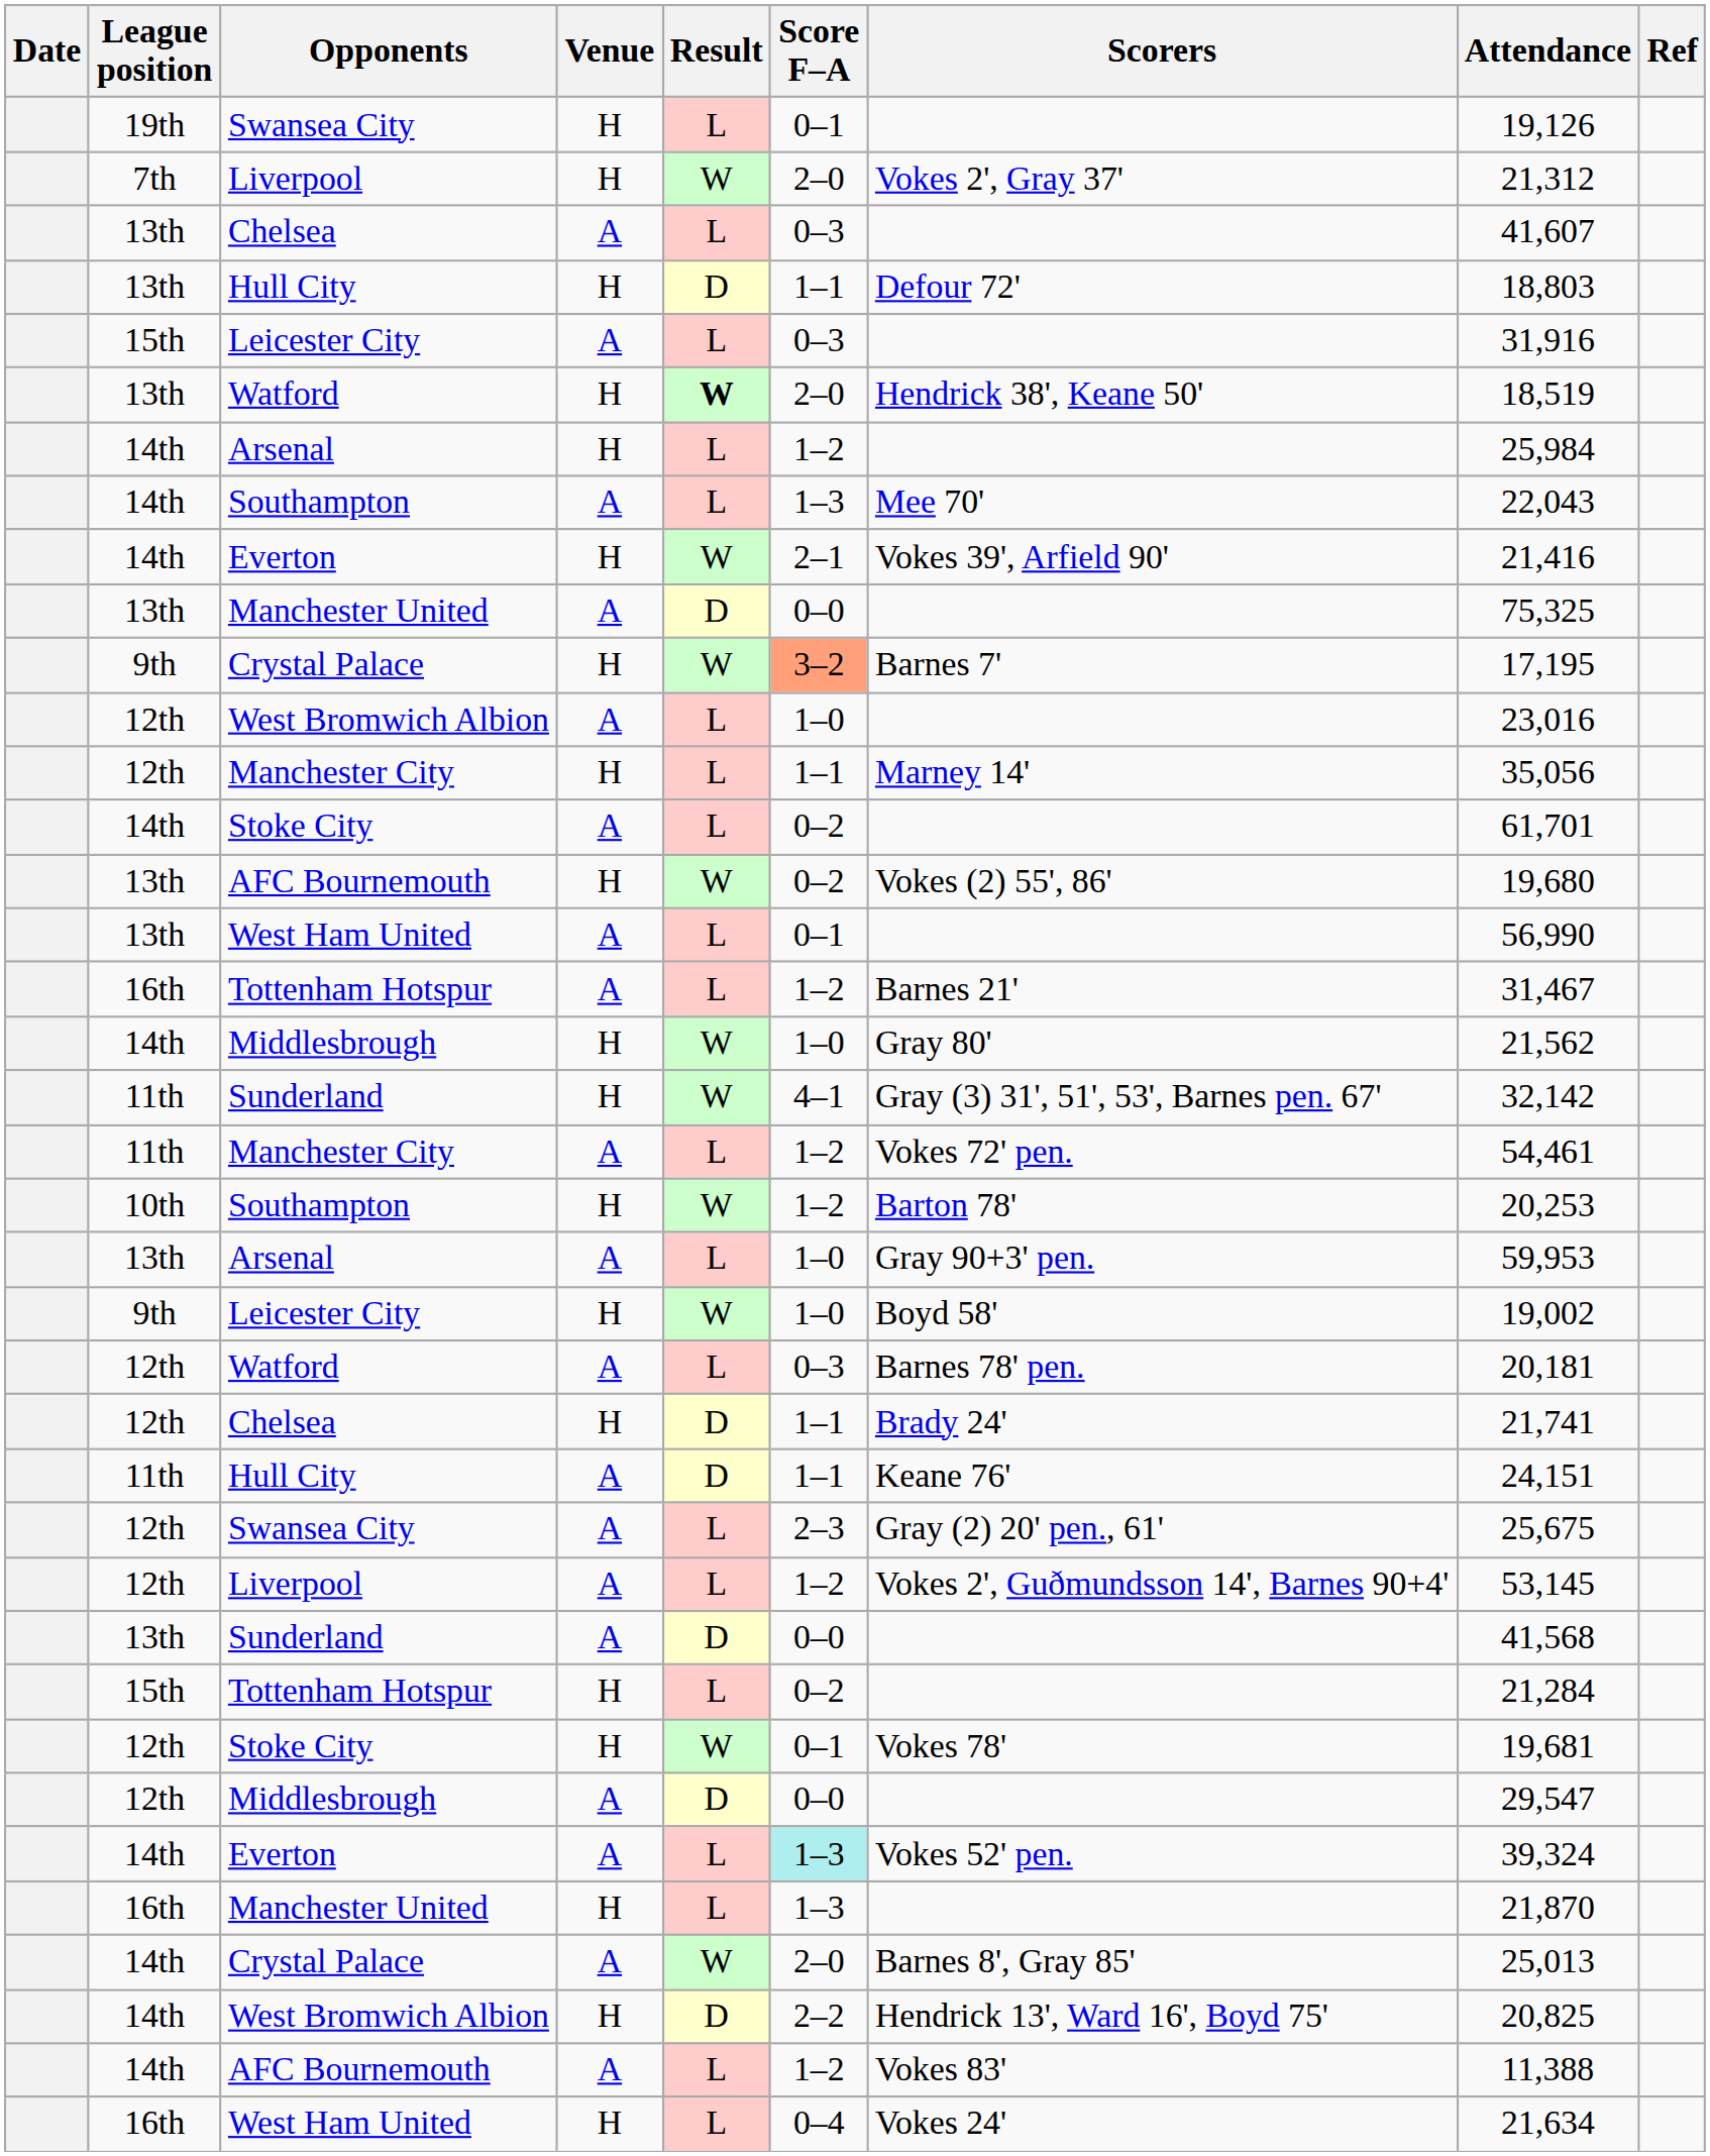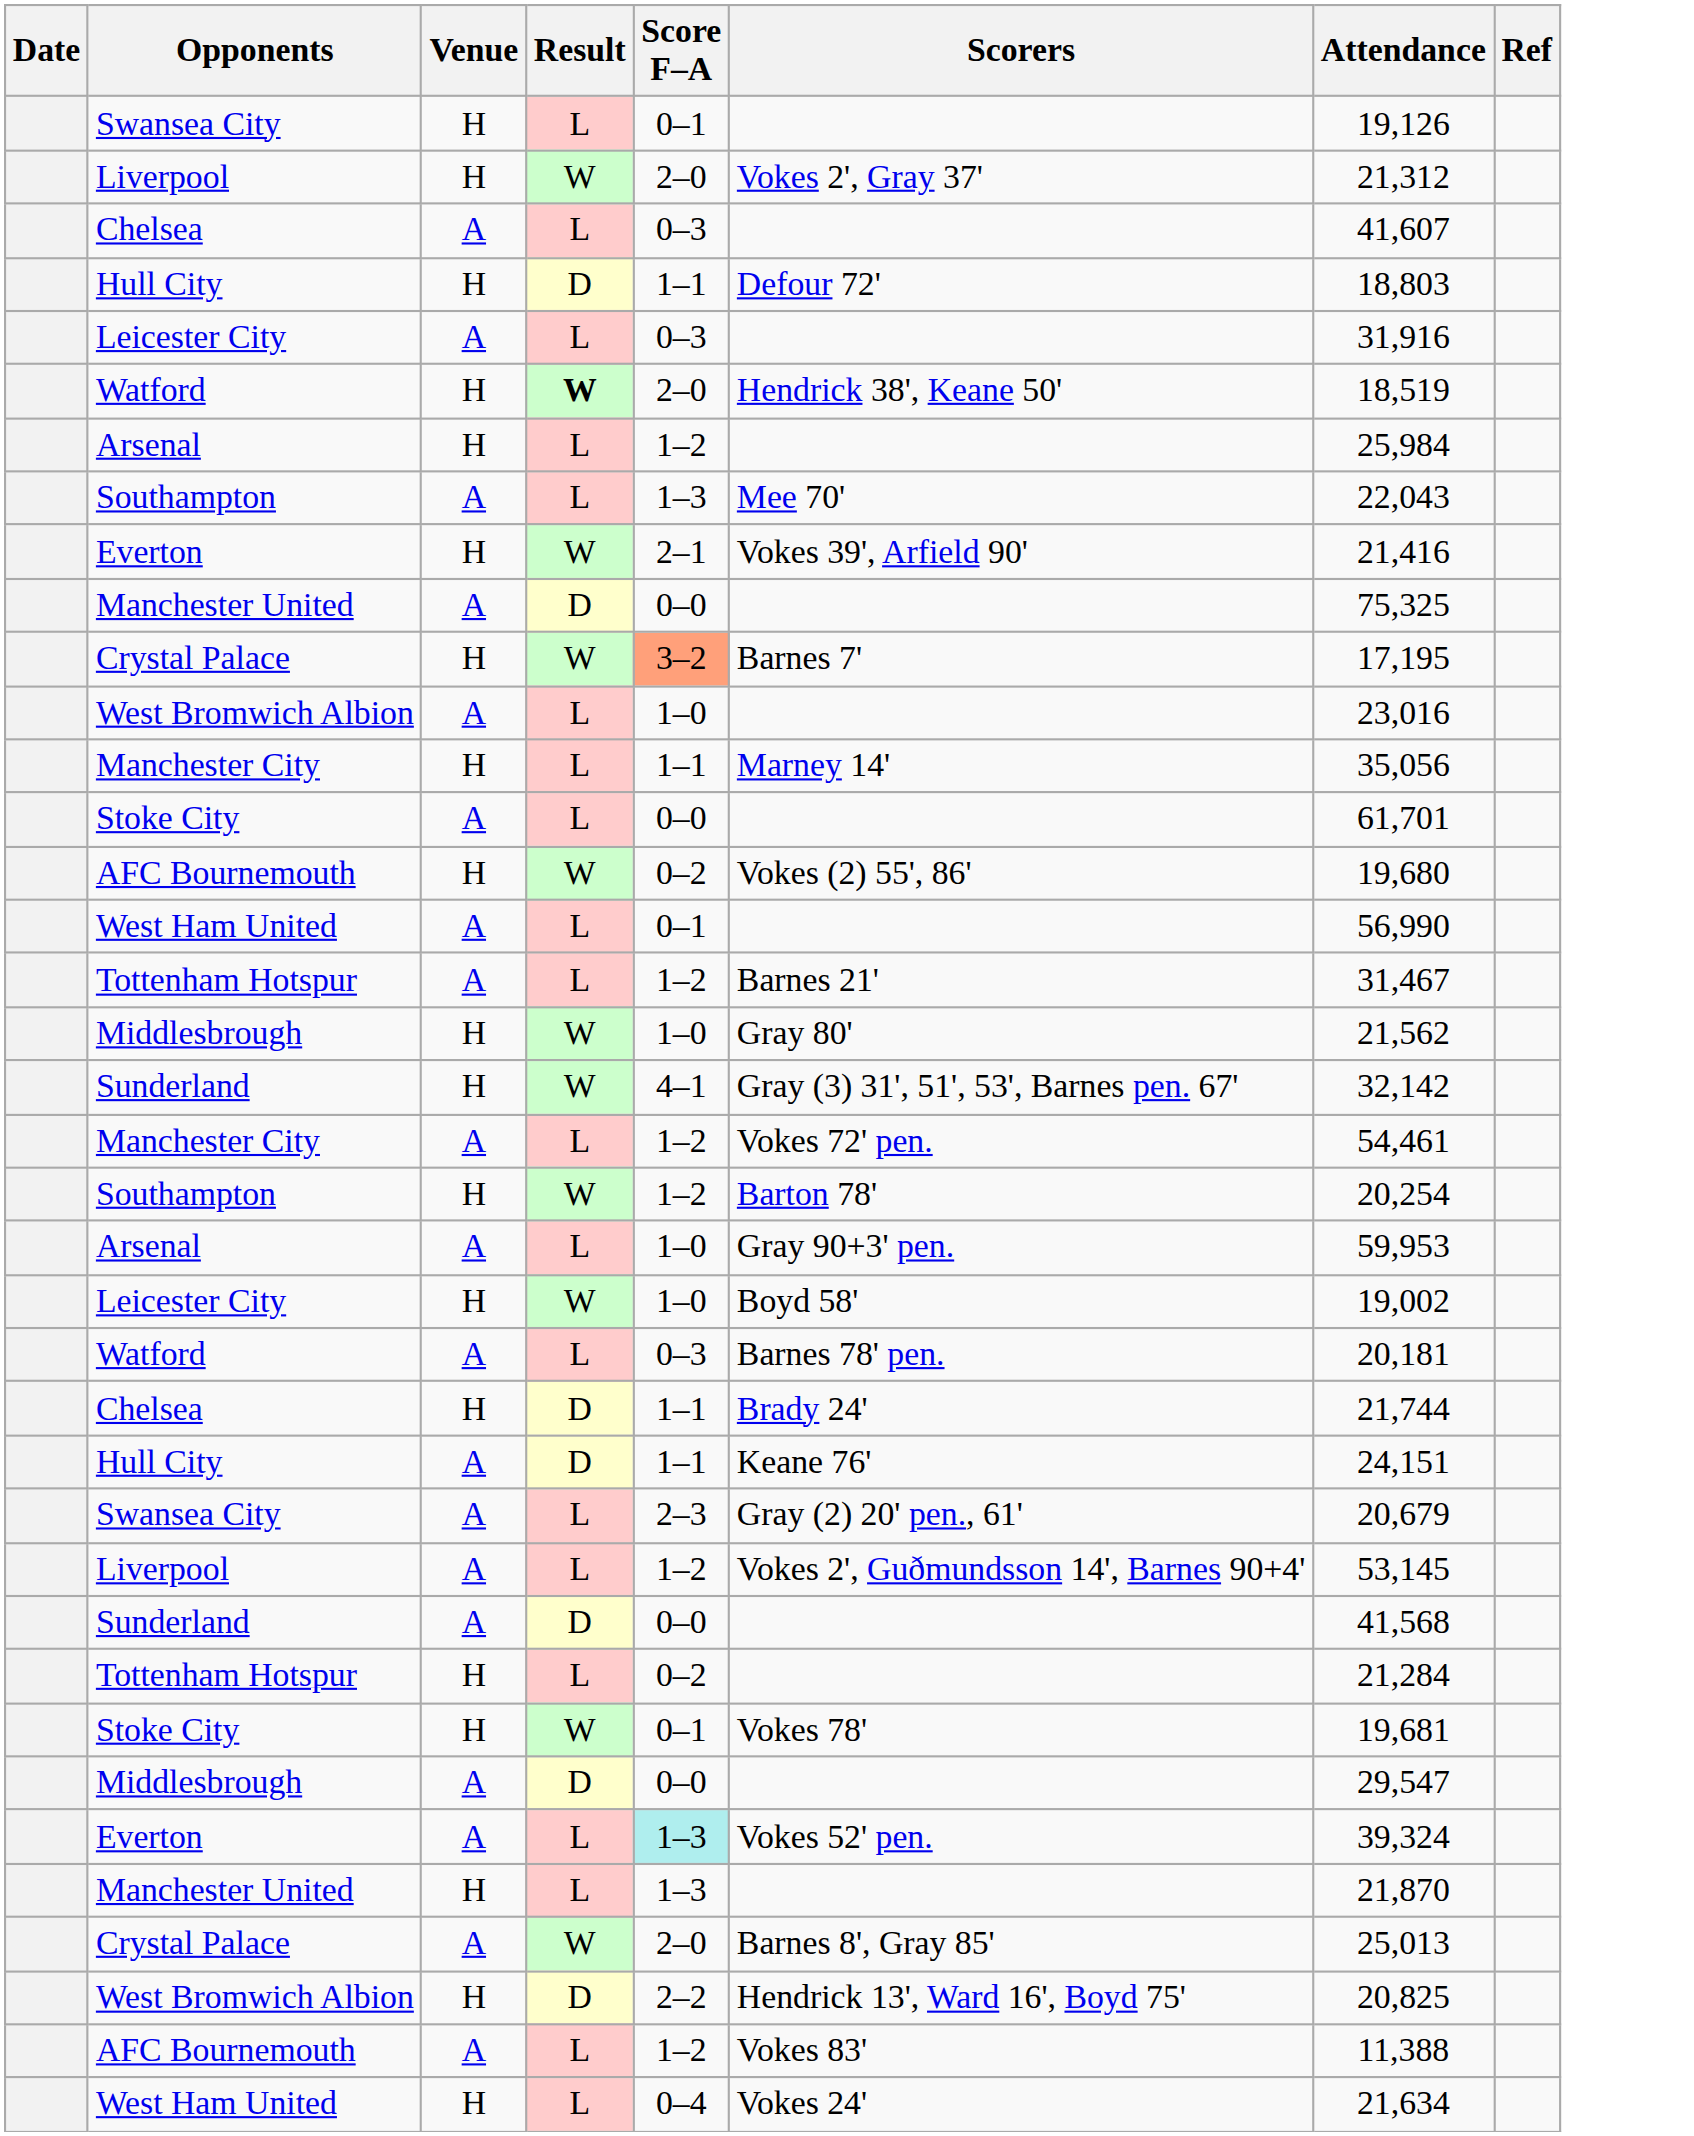 <table class="wikitable plainrowheaders sortable" style="text-align:center">
 <tr>
 <th scope="col">Date</th>
-<th scope="col">League<br>position</th>
 <th scope="col">Opponents</th>
 <th scope="col">Venue</th>
 <th scope="col">Result</th>
 <th scope="col">Score<br>F–A</th>
 <th scope="col" class="unsortable">Scorers</th>
 <th scope="col">Attendance</th>
 <th scope="col" class="unsortable">Ref</th>
 </tr>
 <tr>
 <th scope="row"></th>
-<td>19th</td>
 <td align="left"><a href='#'>Swansea City</a></td>
 <td>H</td>
 <td bgcolor="ffcccc">L</td>
 <td>0–1</td>
 <td align="left"></td>
 <td>19,126</td>
 <td></td>
 </tr>
 <tr>
 <th scope="row"></th>
-<td>7th</td>
 <td align="left"><a href='#'>Liverpool</a></td>
 <td>H</td>
 <td bgcolor="ccffcc">W</td>
 <td>2–0</td>
 <td align="left"><a href='#'>Vokes</a> 2', <a href='#'>Gray</a> 37'</td>
 <td>21,312</td>
 <td></td>
 </tr>
 <tr>
 <th scope="row"></th>
-<td>13th</td>
 <td align="left"><a href='#'>Chelsea</a></td>
 <td><a href='#'>A</a></td>
 <td bgcolor="#ffcccc">L</td>
 <td>0–3</td>
 <td align="left"></td>
 <td>41,607</td>
 <td></td>
 </tr>
 <tr>
 <th scope="row"></th>
-<td>13th</td>
 <td align="left"><a href='#'>Hull City</a></td>
 <td>H</td>
 <td bgcolor="#ffffcc">D</td>
 <td>1–1</td>
 <td align="left"><a href='#'>Defour</a> 72'</td>
 <td>18,803</td>
 <td></td>
 </tr>
 <tr>
 <th scope="row"></th>
-<td>15th</td>
 <td align="left"><a href='#'>Leicester City</a></td>
 <td><a href='#'>A</a></td>
 <td bgcolor="#ffcccc">L</td>
 <td>0–3</td>
 <td></td>
 <td>31,916</td>
 <td></td>
 </tr>
 <tr>
 <th scope="row"></th>
-<td>13th</td>
 <td align="left"><a href='#'>Watford</a></td>
 <td>H</td>
 <td bgcolor="#ccffcc"><strong>W</strong></td>
 <td>2–0</td>
 <td align="left"><a href='#'>Hendrick</a> 38', <a href='#'>Keane</a> 50'</td>
 <td>18,519</td>
 <td></td>
 </tr>
 <tr>
 <th scope="row"></th>
-<td>14th</td>
 <td align="left"><a href='#'>Arsenal</a></td>
 <td>H</td>
 <td bgcolor="#ffcccc">L</td>
 <td>1–2</td>
 <td align="left"></td>
 <td>25,984</td>
 <td></td>
 </tr>
 <tr>
 <th scope="row"></th>
-<td>14th</td>
 <td align="left"><a href='#'>Southampton</a></td>
 <td><a href='#'>A</a></td>
 <td bgcolor="#ffcccc">L</td>
 <td>1–3</td>
 <td align="left"><a href='#'>Mee</a> 70'</td>
 <td>22,043</td>
 <td></td>
 </tr>
 <tr>
 <th scope="row"></th>
-<td>14th</td>
 <td align="left"><a href='#'>Everton</a></td>
 <td>H</td>
 <td bgcolor="#ccffcc">W</td>
 <td>2–1</td>
 <td align="left">Vokes 39', <a href='#'>Arfield</a> 90'</td>
 <td>21,416</td>
 <td></td>
 </tr>
 <tr>
 <th scope="row"></th>
-<td>13th</td>
 <td align="left"><a href='#'>Manchester United</a></td>
 <td><a href='#'>A</a></td>
 <td bgcolor="#ffffcc">D</td>
 <td>0–0</td>
 <td align="left"></td>
 <td>75,325</td>
 <td></td>
 </tr>
 <tr>
 <th scope="row"></th>
-<td>9th</td>
 <td align="left"><a href='#'>Crystal Palace</a></td>
 <td>H</td>
 <td bgcolor="#ccffcc">W</td>
 <td style="background: lightsalmon;">3–2</td>
 <td align="left">Barnes 7'</td>
 <td>17,195</td>
 <td></td>
 </tr>
 <tr>
 <th scope="row"></th>
-<td>12th</td>
 <td align="left"><a href='#'>West Bromwich Albion</a></td>
 <td><a href='#'>A</a></td>
 <td bgcolor="#ffcccc">L</td>
 <td>1–0</td>
 <td align="left"></td>
 <td>23,016</td>
 <td></td>
 </tr>
 <tr>
 <th scope="row"></th>
-<td>12th</td>
 <td align="left"><a href='#'>Manchester City</a></td>
 <td>H</td>
 <td bgcolor="#ffcccc">L</td>
 <td>1–1</td>
 <td align="left"><a href='#'>Marney</a> 14'</td>
 <td>35,056</td>
 <td></td>
 </tr>
 <tr>
 <th scope="row"></th>
-<td>14th</td>
 <td align="left"><a href='#'>Stoke City</a></td>
 <td><a href='#'>A</a></td>
 <td bgcolor="#ffcccc">L</td>
-<td>0–2</td>
+<td>0–0</td>
 <td></td>
 <td>61,701</td>
 <td></td>
 </tr>
 <tr>
 <th scope="row"></th>
-<td>13th</td>
 <td align="left"><a href='#'>AFC Bournemouth</a></td>
 <td>H</td>
 <td bgcolor="#ccffcc">W</td>
 <td>0–2</td>
 <td align="left">Vokes (2) 55', 86'</td>
 <td>19,680</td>
 <td></td>
 </tr>
 <tr>
 <th scope="row"></th>
-<td>13th</td>
 <td align="left"><a href='#'>West Ham United</a></td>
 <td><a href='#'>A</a></td>
 <td bgcolor="#ffcccc">L</td>
 <td>0–1</td>
 <td></td>
 <td>56,990</td>
 <td></td>
 </tr>
 <tr>
 <th scope="row"></th>
-<td>16th</td>
 <td align="left"><a href='#'>Tottenham Hotspur</a></td>
 <td><a href='#'>A</a></td>
 <td bgcolor="#ffcccc">L</td>
 <td>1–2</td>
 <td align="left">Barnes 21'</td>
 <td>31,467</td>
 <td></td>
 </tr>
 <tr>
 <th scope="row"></th>
-<td>14th</td>
 <td align="left"><a href='#'>Middlesbrough</a></td>
 <td>H</td>
 <td bgcolor="#ccffcc">W</td>
 <td>1–0</td>
 <td align="left">Gray 80'</td>
 <td>21,562</td>
 <td></td>
 </tr>
 <tr>
 <th scope="row"></th>
-<td>11th</td>
 <td align="left"><a href='#'>Sunderland</a></td>
 <td>H</td>
 <td bgcolor="#ccffcc">W</td>
 <td>4–1</td>
 <td align="left">Gray (3) 31', 51', 53', Barnes <a href='#'>pen.</a> 67'</td>
 <td>32,142</td>
 <td></td>
 </tr>
 <tr>
 <th scope="row"></th>
-<td>11th</td>
 <td align="left"><a href='#'>Manchester City</a></td>
 <td><a href='#'>A</a></td>
 <td bgcolor="#ffcccc">L</td>
 <td>1–2</td>
 <td align="left">Vokes 72' <a href='#'>pen.</a></td>
 <td>54,461</td>
 <td></td>
 </tr>
 <tr>
 <th scope="row"></th>
-<td>10th</td>
 <td align="left"><a href='#'>Southampton</a></td>
 <td>H</td>
 <td bgcolor="#ccffcc">W</td>
 <td>1–2</td>
 <td align="left"><a href='#'>Barton</a> 78'</td>
-<td>20,253</td>
+<td>20,254</td>
 <td></td>
 </tr>
 <tr>
 <th scope="row"></th>
-<td>13th</td>
 <td align="left"><a href='#'>Arsenal</a></td>
 <td><a href='#'>A</a></td>
 <td bgcolor="#ffcccc">L</td>
 <td>1–0</td>
 <td align="left">Gray 90+3' <a href='#'>pen.</a></td>
 <td>59,953</td>
 <td></td>
 </tr>
 <tr>
 <th scope="row"></th>
-<td>9th</td>
 <td align="left"><a href='#'>Leicester City</a></td>
 <td>H</td>
 <td bgcolor="#ccffcc">W</td>
 <td>1–0</td>
 <td align="left">Boyd 58'</td>
 <td>19,002</td>
 <td></td>
 </tr>
 <tr>
 <th scope="row"></th>
-<td>12th</td>
 <td align="left"><a href='#'>Watford</a></td>
 <td><a href='#'>A</a></td>
 <td bgcolor="#ffcccc">L</td>
 <td>0–3</td>
 <td align="left">Barnes 78' <a href='#'>pen.</a></td>
 <td>20,181</td>
 <td></td>
 </tr>
 <tr>
 <th scope="row"></th>
-<td>12th</td>
 <td align="left"><a href='#'>Chelsea</a></td>
 <td>H</td>
 <td bgcolor="#ffffcc">D</td>
 <td>1–1</td>
 <td align="left"><a href='#'>Brady</a> 24'</td>
-<td>21,741</td>
+<td>21,744</td>
 <td></td>
 </tr>
 <tr>
 <th scope="row"></th>
-<td>11th</td>
 <td align="left"><a href='#'>Hull City</a></td>
 <td><a href='#'>A</a></td>
 <td bgcolor="#ffffcc">D</td>
 <td>1–1</td>
 <td align="left">Keane 76'</td>
 <td>24,151</td>
 <td></td>
 </tr>
 <tr>
 <th scope="row"></th>
-<td>12th</td>
 <td align="left"><a href='#'>Swansea City</a></td>
 <td><a href='#'>A</a></td>
 <td bgcolor="#ffcccc">L</td>
 <td>2–3</td>
 <td align="left">Gray (2) 20' <a href='#'>pen.</a>, 61'</td>
-<td>25,675</td>
+<td>20,679</td>
 <td></td>
 </tr>
 <tr>
 <th scope="row"></th>
-<td>12th</td>
 <td align="left"><a href='#'>Liverpool</a></td>
 <td><a href='#'>A</a></td>
 <td bgcolor="#ffcccc">L</td>
 <td>1–2</td>
 <td align="left">Vokes 2', <a href='#'>Guðmundsson</a> 14', <a href='#'>Barnes</a> 90+4'</td>
 <td>53,145</td>
 <td></td>
 </tr>
 <tr>
 <th scope="row"></th>
-<td>13th</td>
 <td align="left"><a href='#'>Sunderland</a></td>
 <td><a href='#'>A</a></td>
 <td bgcolor="#ffffcc">D</td>
 <td>0–0</td>
 <td align="left"></td>
 <td>41,568</td>
 <td></td>
 </tr>
 <tr>
 <th scope="row"></th>
-<td>15th</td>
 <td align="left"><a href='#'>Tottenham Hotspur</a></td>
 <td>H</td>
 <td bgcolor="#ffcccc">L</td>
 <td>0–2</td>
 <td align="left"></td>
 <td>21,284</td>
 <td></td>
 </tr>
 <tr>
 <th scope="row"></th>
-<td>12th</td>
 <td align="left"><a href='#'>Stoke City</a></td>
 <td>H</td>
 <td bgcolor="#ccffcc">W</td>
 <td>0–1</td>
 <td align="left">Vokes 78'</td>
 <td>19,681</td>
 <td></td>
 </tr>
 <tr>
 <th scope="row"></th>
-<td>12th</td>
 <td align="left"><a href='#'>Middlesbrough</a></td>
 <td><a href='#'>A</a></td>
 <td bgcolor="#ffffcc">D</td>
 <td>0–0</td>
 <td></td>
 <td>29,547</td>
 <td></td>
 </tr>
 <tr>
 <th scope="row"></th>
-<td>14th</td>
 <td align="left"><a href='#'>Everton</a></td>
 <td><a href='#'>A</a></td>
 <td bgcolor="#ffcccc">L</td>
 <td style="background: paleturquoise;">1–3</td>
 <td align="left">Vokes 52' <a href='#'>pen.</a></td>
 <td>39,324</td>
 <td></td>
 </tr>
 <tr>
 <th scope="row"></th>
-<td>16th</td>
 <td align="left"><a href='#'>Manchester United</a></td>
 <td>H</td>
 <td bgcolor="#ffcccc">L</td>
 <td>1–3</td>
 <td></td>
 <td>21,870</td>
 <td></td>
 </tr>
 <tr>
 <th scope="row"></th>
-<td>14th</td>
 <td align="left"><a href='#'>Crystal Palace</a></td>
 <td><a href='#'>A</a></td>
 <td bgcolor="#ccffcc">W</td>
 <td>2–0</td>
 <td align="left">Barnes 8', Gray 85'</td>
 <td>25,013</td>
 <td></td>
 </tr>
 <tr>
 <th scope="row"></th>
-<td>14th</td>
 <td align="left"><a href='#'>West Bromwich Albion</a></td>
 <td>H</td>
 <td bgcolor="#ffffcc">D</td>
 <td>2–2</td>
 <td align="left">Hendrick 13', <a href='#'>Ward</a> 16', <a href='#'>Boyd</a> 75'</td>
 <td>20,825</td>
 <td></td>
 </tr>
 <tr>
 <th scope="row"></th>
-<td>14th</td>
 <td align="left"><a href='#'>AFC Bournemouth</a></td>
 <td><a href='#'>A</a></td>
 <td bgcolor="#ffcccc">L</td>
 <td>1–2</td>
 <td align="left">Vokes 83'</td>
 <td>11,388</td>
 <td></td>
 </tr>
 <tr>
 <th scope="row"></th>
-<td>16th</td>
 <td align="left"><a href='#'>West Ham United</a></td>
 <td>H</td>
 <td bgcolor="#ffcccc">L</td>
 <td>0–4</td>
 <td align="left">Vokes 24'</td>
 <td>21,634</td>
 <td></td>
 </tr>
 </table>
